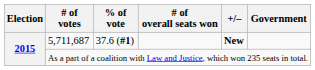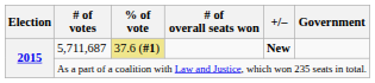 <table class=wikitable>
 <tr>
 <th>Election</th>
 <th># of<br>votes</th>
 <th>% of<br>vote</th>
 <th># of<br>overall seats won</th>
 <th>+/–</th>
 <th>Government</th>
 </tr>
 <tr>
 <th rowspan="2"><a href='#'>2015</a></th>
 <td>5,711,687</td>
-<td>37.6 (<strong>#1</strong>)</td>
+<td style="background: khaki;">37.6 (<strong>#1</strong>)</td>
 <td></td>
 <td><strong>New</strong></td>
 <td></td>
 </tr>
 <tr>
 <td colspan="5"><small>As a part of a coalition with <a href='#'>Law and Justice</a>, which won 235 seats in total.</small></td>
 </tr>
 </table>
